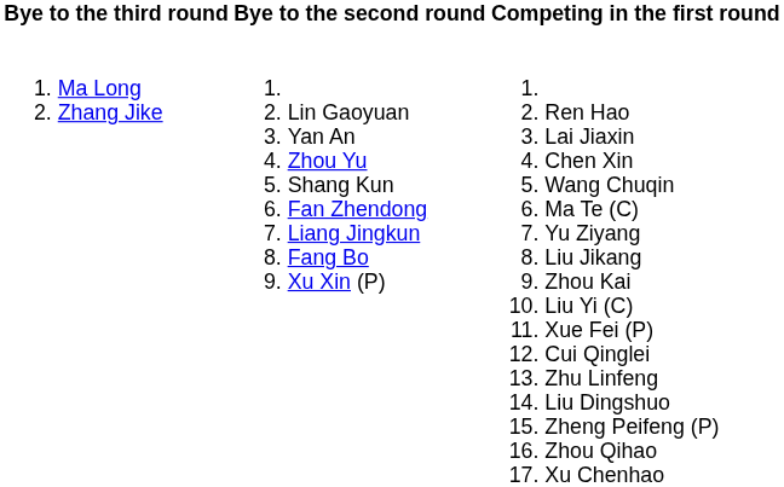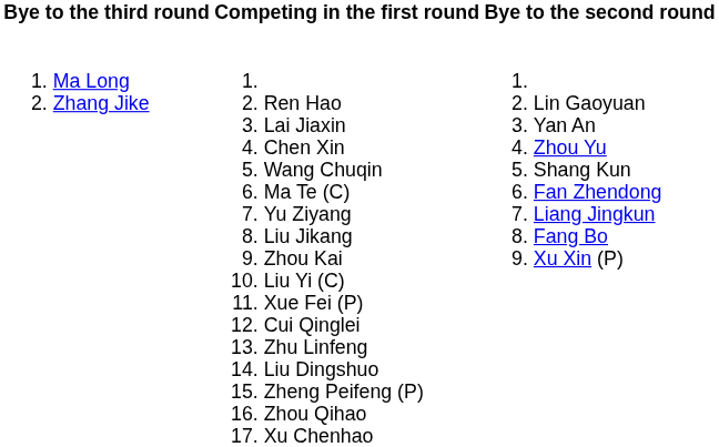 <table>
 <tr>
 <th>Bye to the third round</th>
+<th>Competing in the first round</th>
 <th>Bye to the second round</th>
-<th>Competing in the first round</th>
 </tr>
 <tr valign="top">
 <td><br><ol><li><a href='#'>Ma Long</a></li><li><a href='#'>Zhang Jike</a></li></ol></td>
+<td><br><ol><li><li>Ren Hao</li></li><li>Lai Jiaxin</li><li>Chen Xin</li><li>Wang Chuqin</li><li>Ma Te (C)</li><li>Yu Ziyang</li><li>Liu Jikang</li><li>Zhou Kai</li><li>Liu Yi (C)</li><li>Xue Fei (P)</li><li>Cui Qinglei</li><li>Zhu Linfeng</li><li>Liu Dingshuo</li><li>Zheng Peifeng (P)</li><li>Zhou Qihao</li><li>Xu Chenhao</li></ol></td>
 <td><br><ol><li><li>Lin Gaoyuan</li></li><li>Yan An</li><li><a href='#'>Zhou Yu</a></li><li>Shang Kun</li><li><a href='#'>Fan Zhendong</a></li><li><a href='#'>Liang Jingkun</a></li><li><a href='#'>Fang Bo</a></li><li><a href='#'>Xu Xin</a> (P)</li></ol></td>
-<td><br><ol><li><li>Ren Hao</li></li><li>Lai Jiaxin</li><li>Chen Xin</li><li>Wang Chuqin</li><li>Ma Te (C)</li><li>Yu Ziyang</li><li>Liu Jikang</li><li>Zhou Kai</li><li>Liu Yi (C)</li><li>Xue Fei (P)</li><li>Cui Qinglei</li><li>Zhu Linfeng</li><li>Liu Dingshuo</li><li>Zheng Peifeng (P)</li><li>Zhou Qihao</li><li>Xu Chenhao</li></ol></td>
 </tr>
 </table>
